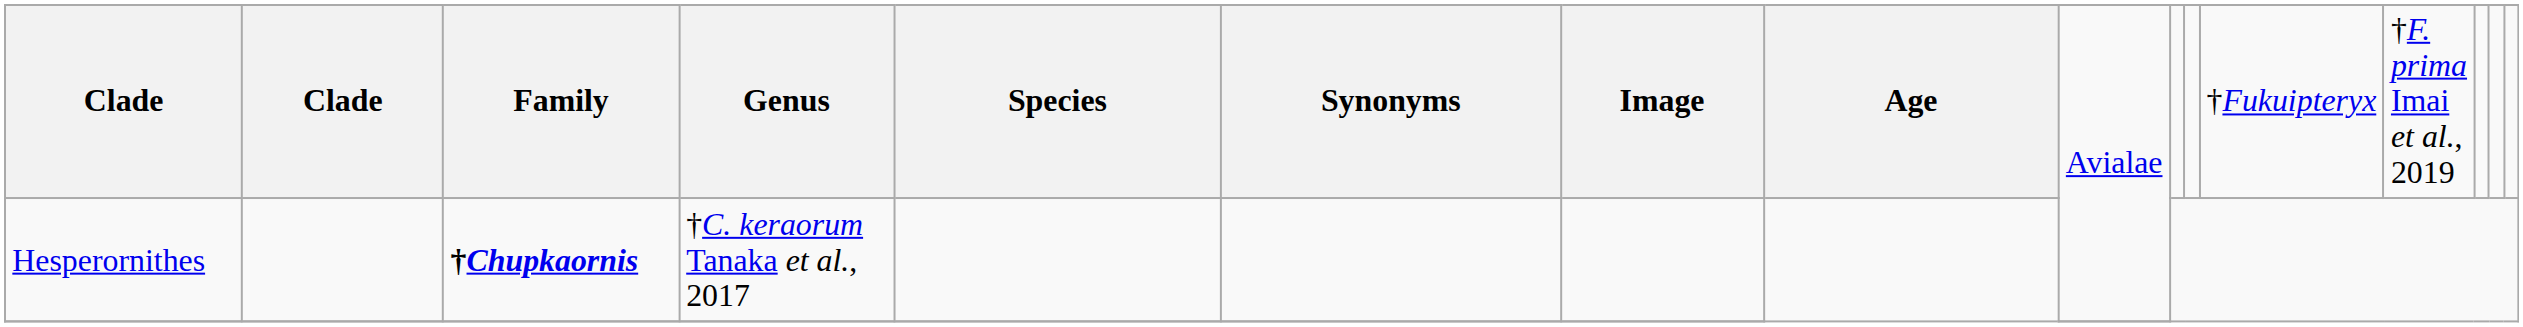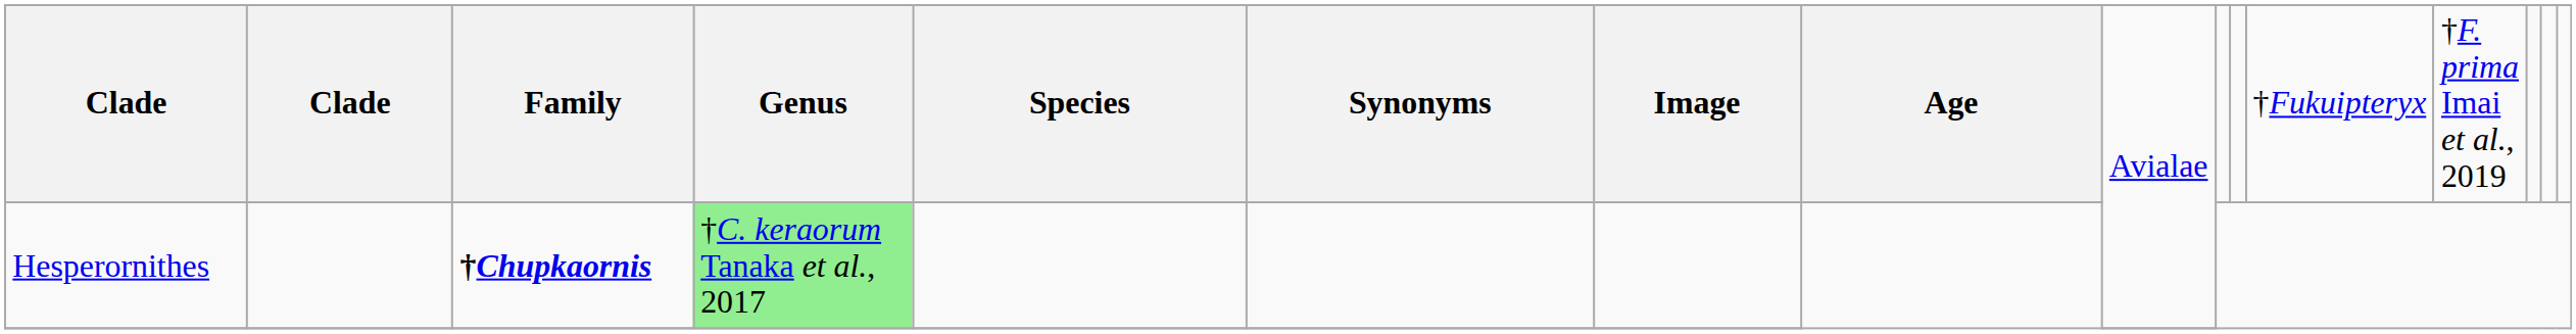 <table class="wikitable sortable"  style="width:100%;">
 <tr>
 <th width="10%" rowspan="2">Clade</th>
 <th width="10%" rowspan="2">Clade</th>
 <th width="10%" rowspan="2">Family</th>
 <th width="10%" rowspan="2">Genus</th>
 <th width="17%" rowspan="2">Species</th>
 <th width="17%" rowspan="2">Synonyms</th>
 <th width="10%" rowspan="2" class="unsortable">Image</th>
 <th width="16%" rowspan="2">Age</th>
 </tr>
 <tr>
 <td rowspan="2"><a href='#'>Avialae</a></td>
 <td></td>
 <td></td>
 <td>†<em><a href='#'>Fukuipteryx</a></em></td>
 <td>†<em><a href='#'>F. prima</a></em><br><a href='#'>Imai</a> <em>et al.</em>, 2019</td>
 <td></td>
 <td></td>
 <td></td>
 </tr>
 <tr>
 <td><a href='#'>Hesperornithes</a></td>
 <td></td>
 <td><strong>†<em><a href='#'>Chupkaornis</a></em></strong></td>
-<td>†<em><a href='#'>C. keraorum</a></em><br><a href='#'>Tanaka</a> <em>et al.</em>, 2017</td>
+<td style="background: lightgreen;">†<em><a href='#'>C. keraorum</a></em><br><a href='#'>Tanaka</a> <em>et al.</em>, 2017</td>
 <td></td>
 <td></td>
 <td></td>
 </tr>
 <tr>
 </tr>
 </table>
